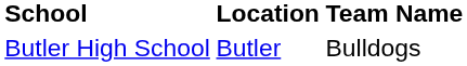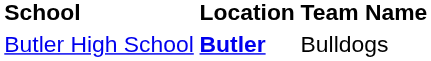 <table>
 <tr>
 <td><strong>School</strong></td>
 <td><strong>Location</strong></td>
 <td><strong>Team Name</strong></td>
 </tr>
 <tr>
 <td><a href='#'>Butler High School</a></td>
-<td><a href='#'>Butler</a></td>
+<td><strong><a href='#'>Butler</a></strong></td>
 <td>Bulldogs</td>
 </tr>
 <tr>
 </tr>
 </table>
